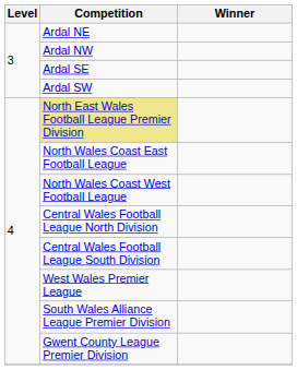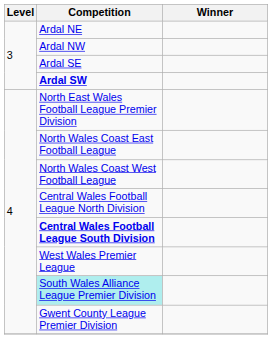 <table class="wikitable">
 <tr>
 <th>Level</th>
 <th width=180>Competition</th>
 <th width=150>Winner</th>
 </tr>
 <tr>
 <td rowspan="4">3</td>
 <td><a href='#'>Ardal NE</a></td>
 <td></td>
 </tr>
 <tr>
 <td><a href='#'>Ardal NW</a></td>
 <td></td>
 </tr>
 <tr>
 <td><a href='#'>Ardal SE</a></td>
 <td></td>
 </tr>
 <tr>
-<td><a href='#'>Ardal SW</a></td>
+<td><strong><a href='#'>Ardal SW</a></strong></td>
 <td></td>
 </tr>
 <tr>
 <td rowspan="8">4</td>
-<td style="background: khaki;"><a href='#'>North East Wales Football League Premier Division</a></td>
+<td><a href='#'>North East Wales Football League Premier Division</a></td>
 <td></td>
 </tr>
 <tr>
 <td><a href='#'>North Wales Coast East Football League</a></td>
 <td></td>
 </tr>
 <tr>
 <td><a href='#'>North Wales Coast West Football League</a></td>
 <td></td>
 </tr>
 <tr>
 <td><a href='#'>Central Wales Football League North Division</a></td>
 <td></td>
 </tr>
 <tr>
-<td><a href='#'>Central Wales Football League South Division</a></td>
+<td><strong><a href='#'>Central Wales Football League South Division</a></strong></td>
 <td></td>
 </tr>
 <tr>
 <td><a href='#'>West Wales Premier League</a></td>
 <td></td>
 </tr>
 <tr>
-<td><a href='#'>South Wales Alliance League Premier Division</a></td>
+<td style="background: paleturquoise;"><a href='#'>South Wales Alliance League Premier Division</a></td>
 <td></td>
 </tr>
 <tr>
 <td><a href='#'>Gwent County League Premier Division</a></td>
 <td></td>
 </tr>
 <tr>
 </tr>
 </table>
